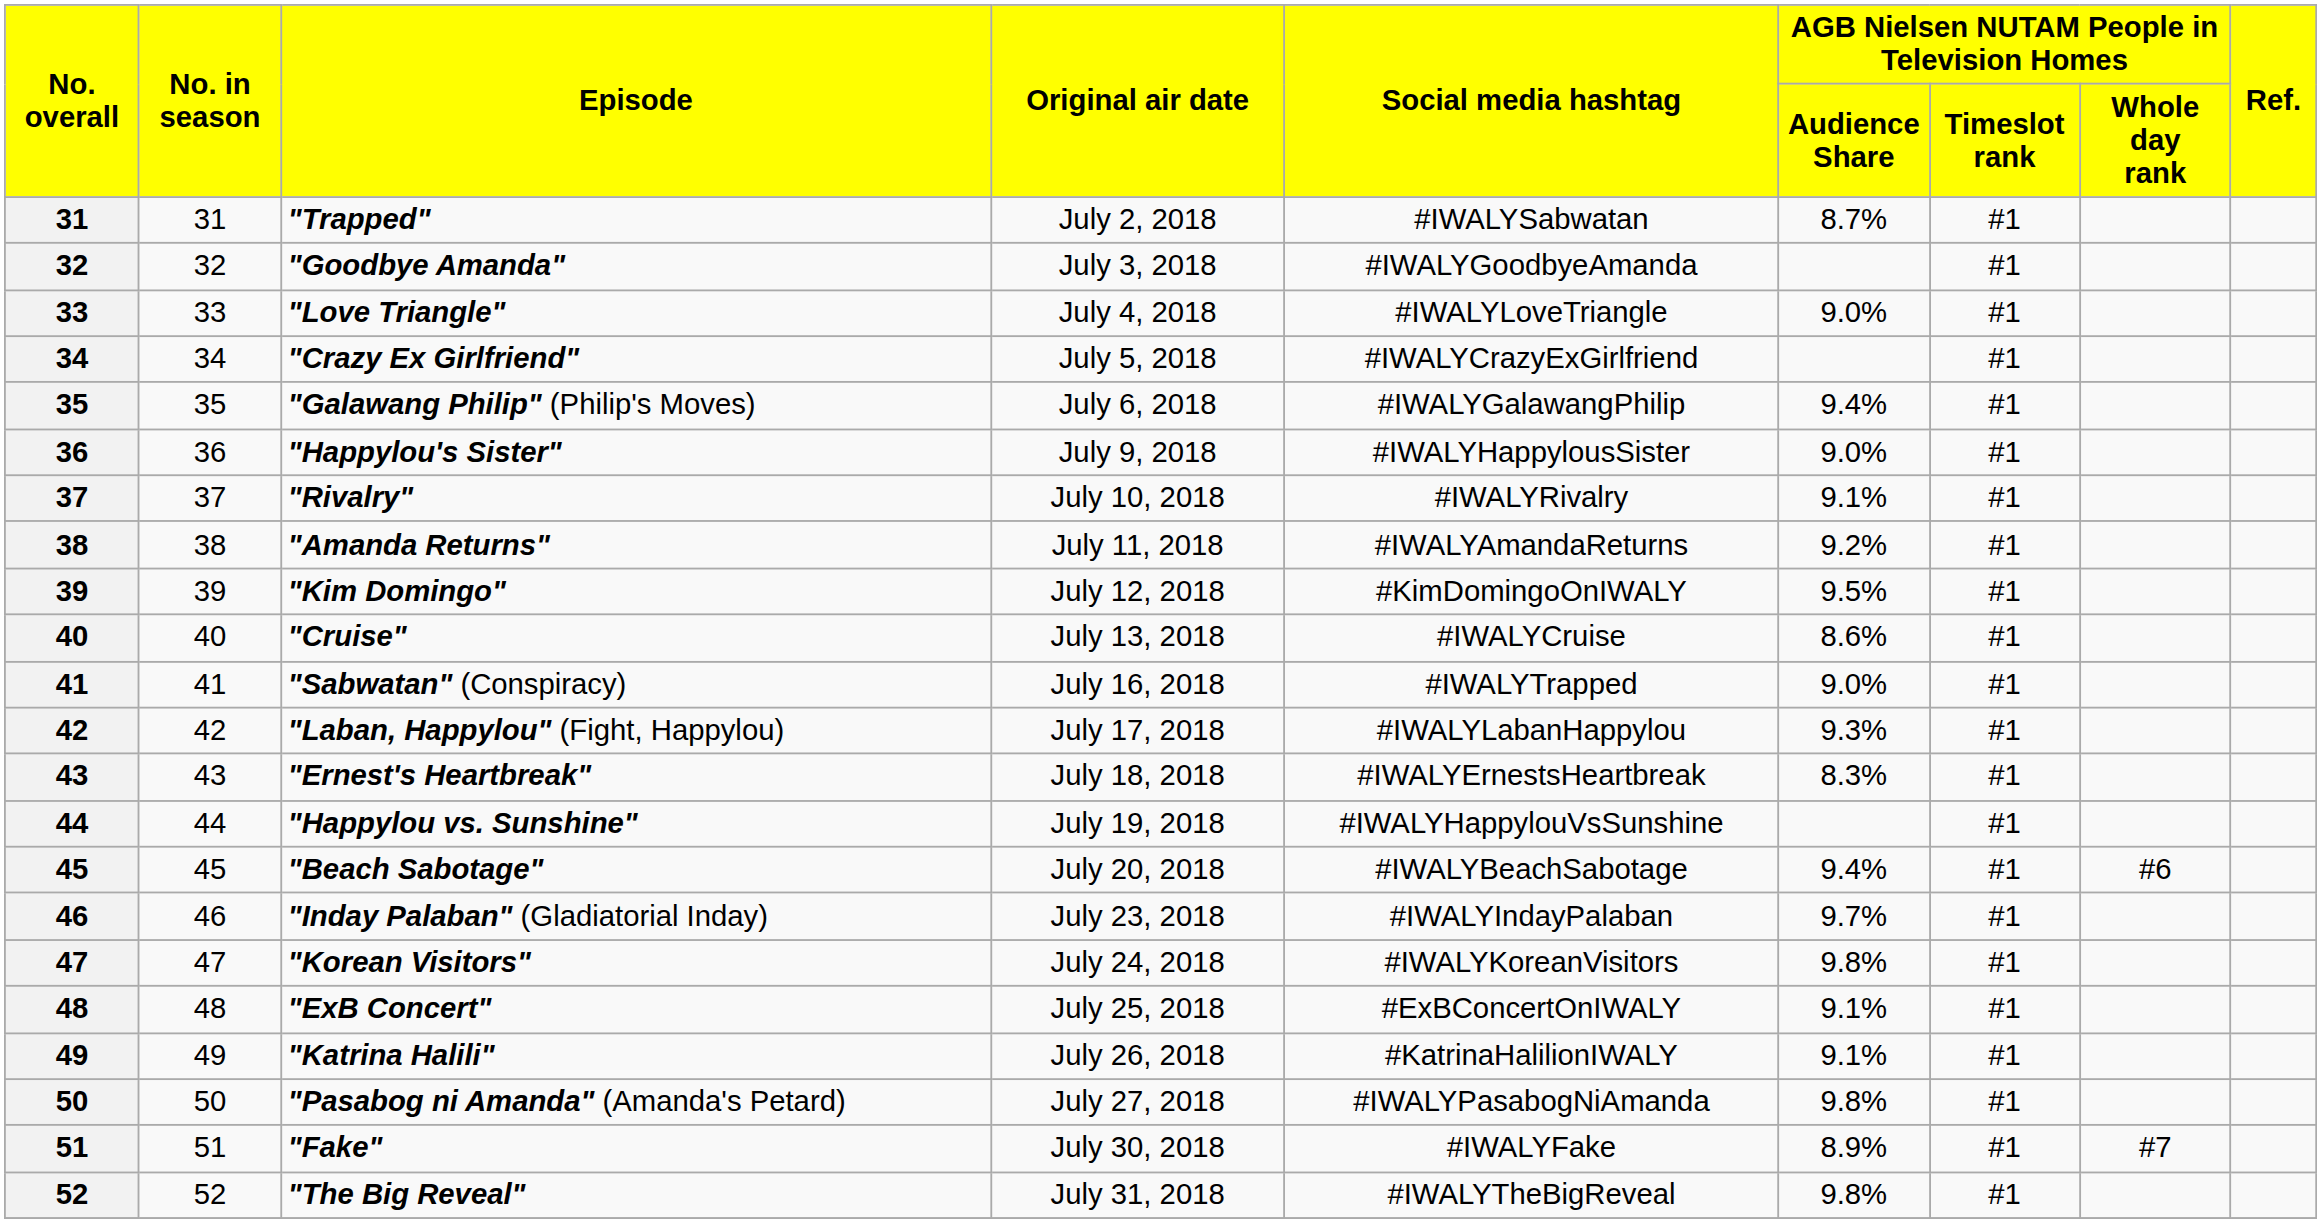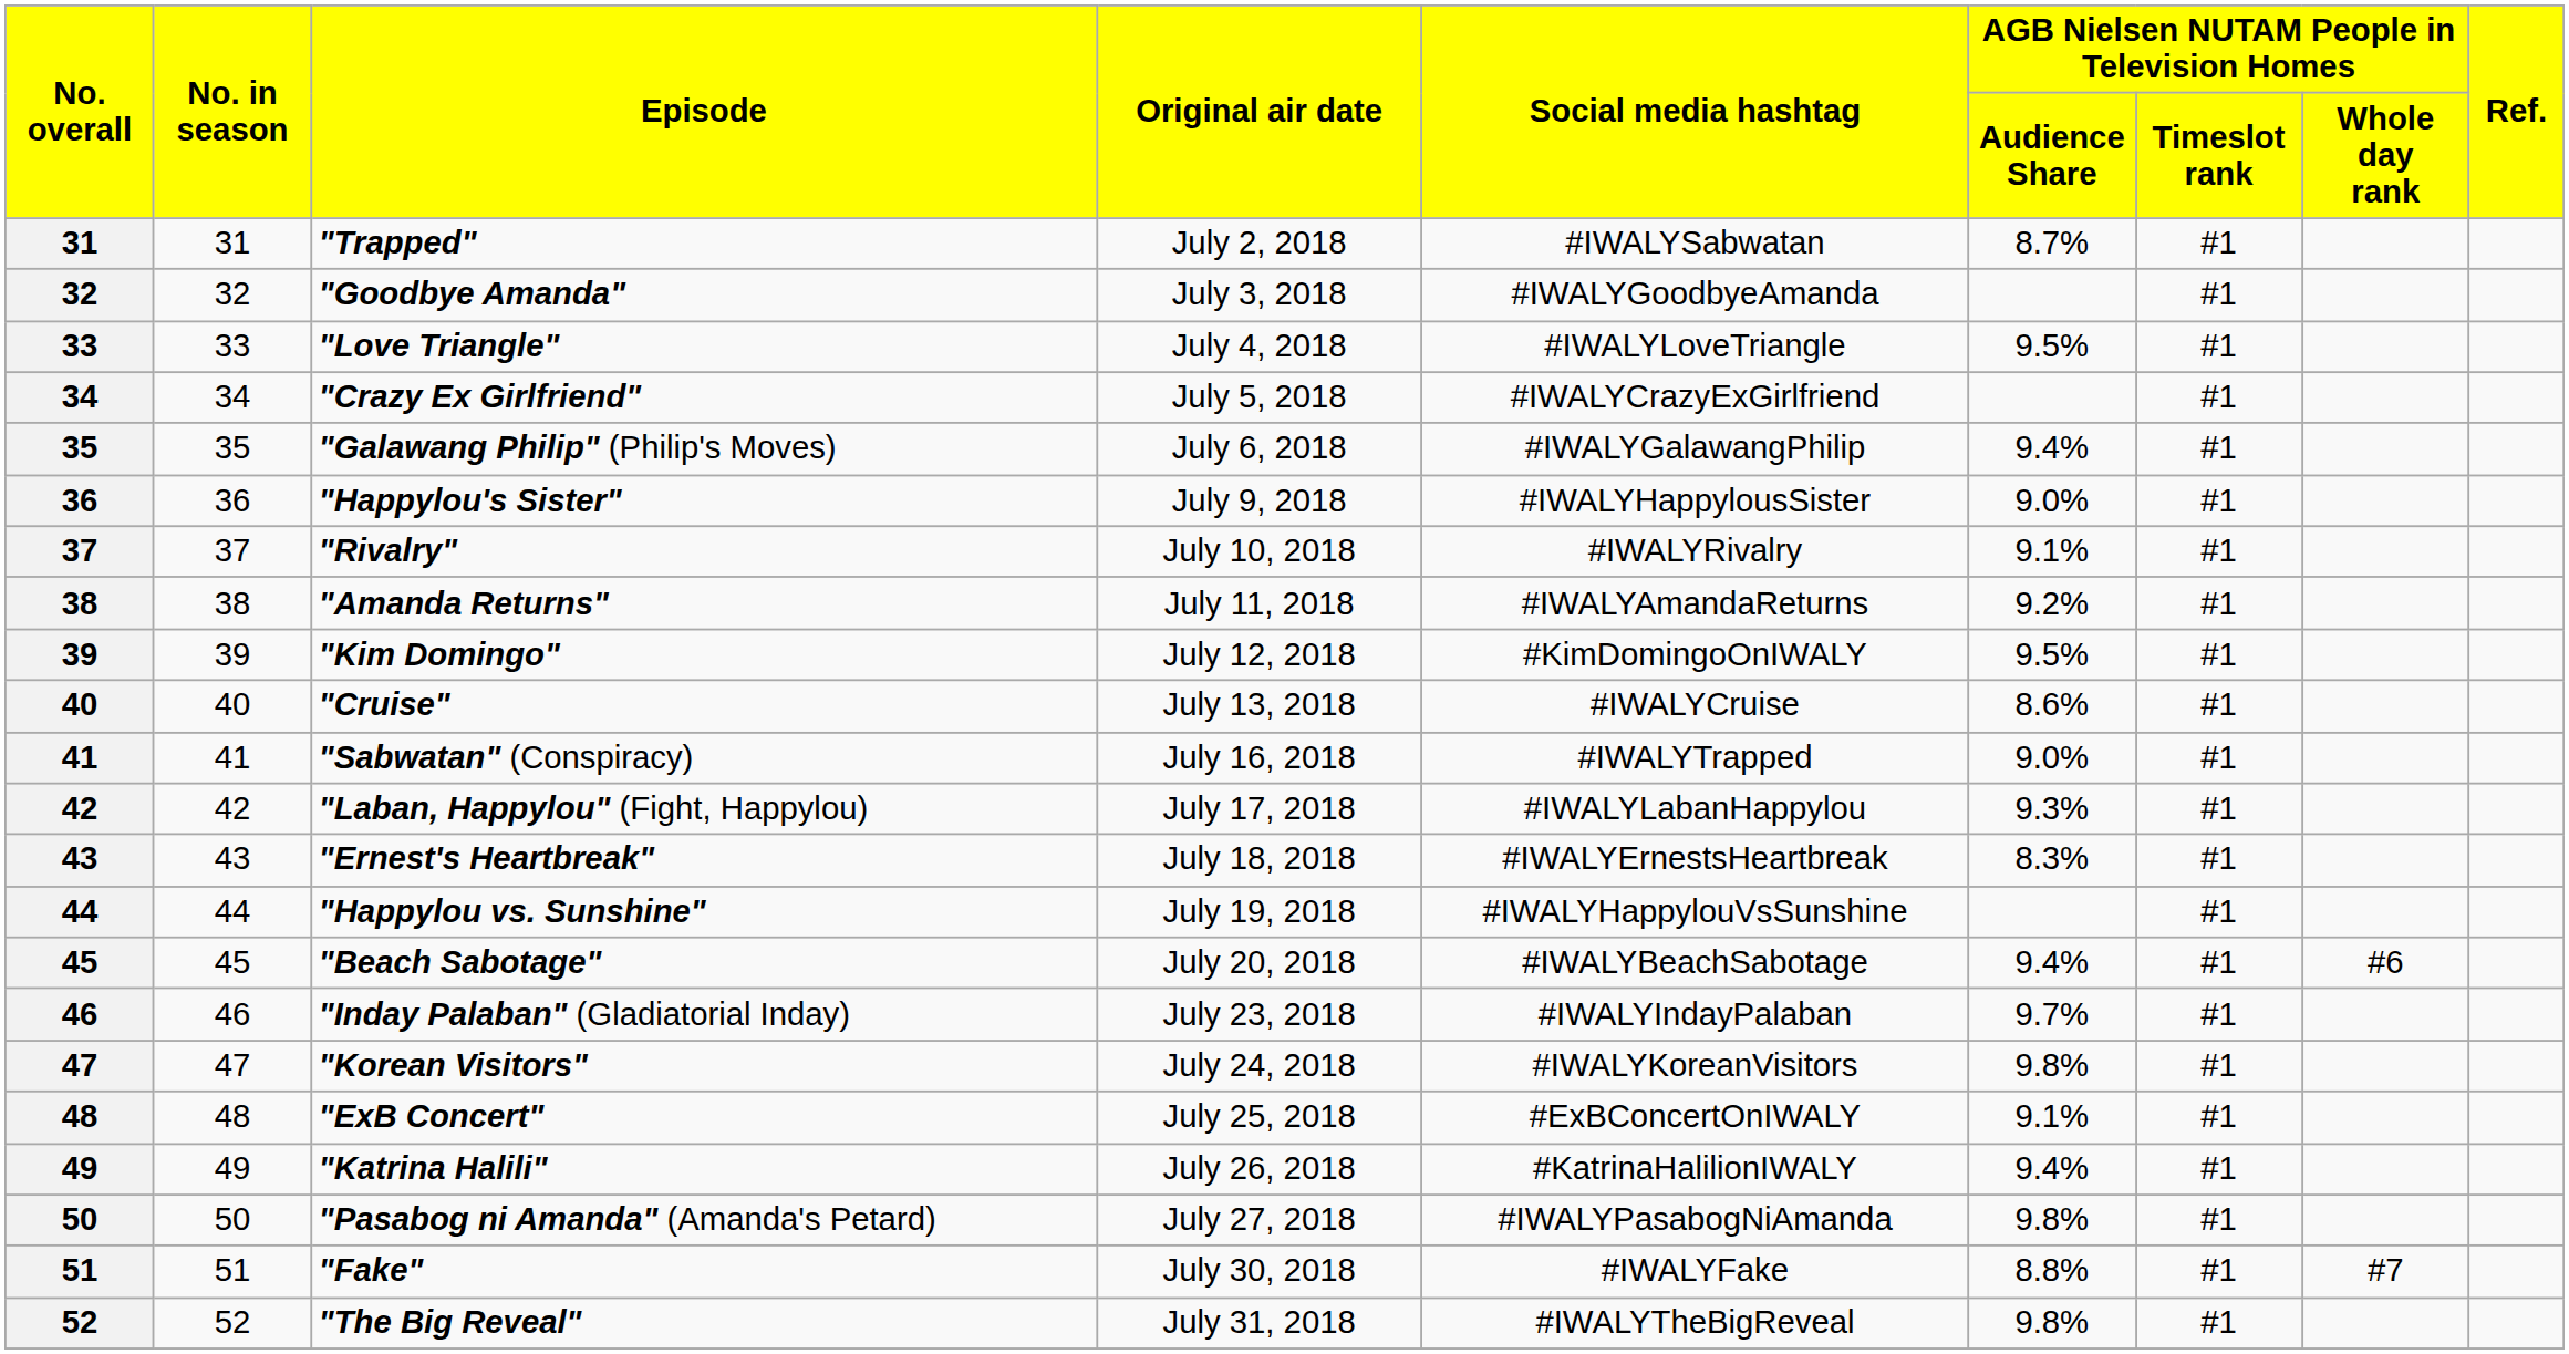 <table class="wikitable" style="text-align:center; font-size:100%; line-height:18px;" width="100%">
 <tr>
 <th style="background-color:#FFFF00; color:black;" rowspan="2">No.<br>overall</th>
 <th style="background-color:#FFFF00; color:black;" rowspan="2">No. in<br>season</th>
 <th style="background-color:#FFFF00; color:black;" rowspan="2">Episode</th>
 <th style="background-color:#FFFF00; color:black" rowspan="2">Original air date</th>
 <th style="background-color:#FFFF00; color:black" rowspan="2">Social media hashtag</th>
 <th style="background-color:#FFFF00; color:black;" colspan="3">AGB Nielsen NUTAM People in Television Homes</th>
 <th style="background-color:#FFFF00; color:black;" rowspan="2">Ref.</th>
 </tr>
 <tr>
 <th style="background-color:#FFFF00; width:75px; color:black;">Audience Share</th>
 <th style="background-color:#FFFF00; width:75px; color:black;">Timeslot<br>rank</th>
 <th style="background-color:#FFFF00; width:75px; color:black;">Whole day<br>rank</th>
 </tr>
 <tr>
 <th>31</th>
 <td>31</td>
 <td style="text-align: left;"><strong><em>"Trapped"</em></strong></td>
 <td>July 2, 2018</td>
 <td>#IWALYSabwatan</td>
 <td>8.7%</td>
 <td>#1</td>
 <td></td>
 <td></td>
 </tr>
 <tr>
 <th>32</th>
 <td>32</td>
 <td style="text-align: left;"><strong><em>"Goodbye Amanda"</em></strong></td>
 <td>July 3, 2018</td>
 <td>#IWALYGoodbyeAmanda</td>
 <td></td>
 <td>#1</td>
 <td></td>
 <td></td>
 </tr>
 <tr>
 <th>33</th>
 <td>33</td>
 <td style="text-align: left;"><strong><em>"Love Triangle"</em></strong></td>
 <td>July 4, 2018</td>
 <td>#IWALYLoveTriangle</td>
-<td>9.0%</td>
+<td>9.5%</td>
 <td>#1</td>
 <td></td>
 <td></td>
 </tr>
 <tr>
 <th>34</th>
 <td>34</td>
 <td style="text-align: left;"><strong><em>"Crazy Ex Girlfriend"</em></strong></td>
 <td>July 5, 2018</td>
 <td>#IWALYCrazyExGirlfriend</td>
 <td></td>
 <td>#1</td>
 <td></td>
 <td></td>
 </tr>
 <tr>
 <th>35</th>
 <td>35</td>
 <td style="text-align: left;"><strong><em>"Galawang Philip"</em></strong> (Philip's Moves)</td>
 <td>July 6, 2018</td>
 <td>#IWALYGalawangPhilip</td>
 <td>9.4%</td>
 <td>#1</td>
 <td></td>
 <td></td>
 </tr>
 <tr>
 <th>36</th>
 <td>36</td>
 <td style="text-align: left;"><strong><em>"Happylou's Sister"</em></strong></td>
 <td>July 9, 2018</td>
 <td>#IWALYHappylousSister</td>
 <td>9.0%</td>
 <td>#1</td>
 <td></td>
 <td></td>
 </tr>
 <tr>
 <th>37</th>
 <td>37</td>
 <td style="text-align: left;"><strong><em>"Rivalry"</em></strong></td>
 <td>July 10, 2018</td>
 <td>#IWALYRivalry</td>
 <td>9.1%</td>
 <td>#1</td>
 <td></td>
 <td></td>
 </tr>
 <tr>
 <th>38</th>
 <td>38</td>
 <td style="text-align: left;"><strong><em>"Amanda Returns"</em></strong></td>
 <td>July 11, 2018</td>
 <td>#IWALYAmandaReturns</td>
 <td>9.2%</td>
 <td>#1</td>
 <td></td>
 <td></td>
 </tr>
 <tr>
 <th>39</th>
 <td>39</td>
 <td style="text-align: left;"><strong><em>"Kim Domingo"</em></strong></td>
 <td>July 12, 2018</td>
 <td>#KimDomingoOnIWALY</td>
 <td>9.5%</td>
 <td>#1</td>
 <td></td>
 <td></td>
 </tr>
 <tr>
 <th>40</th>
 <td>40</td>
 <td style="text-align: left;"><strong><em>"Cruise"</em></strong></td>
 <td>July 13, 2018</td>
 <td>#IWALYCruise</td>
 <td>8.6%</td>
 <td>#1</td>
 <td></td>
 <td></td>
 </tr>
 <tr>
 <th>41</th>
 <td>41</td>
 <td style="text-align: left;"><strong><em>"Sabwatan"</em></strong> (Conspiracy)</td>
 <td>July 16, 2018</td>
 <td>#IWALYTrapped</td>
 <td>9.0%</td>
 <td>#1</td>
 <td></td>
 <td></td>
 </tr>
 <tr>
 <th>42</th>
 <td>42</td>
 <td style="text-align: left;"><strong><em>"Laban, Happylou"</em></strong> (Fight, Happylou)</td>
 <td>July 17, 2018</td>
 <td>#IWALYLabanHappylou</td>
 <td>9.3%</td>
 <td>#1</td>
 <td></td>
 <td></td>
 </tr>
 <tr>
 <th>43</th>
 <td>43</td>
 <td style="text-align: left;"><strong><em>"Ernest's Heartbreak"</em></strong></td>
 <td>July 18, 2018</td>
 <td>#IWALYErnestsHeartbreak</td>
 <td>8.3%</td>
 <td>#1</td>
 <td></td>
 <td></td>
 </tr>
 <tr>
 <th>44</th>
 <td>44</td>
 <td style="text-align: left;"><strong><em>"Happylou vs. Sunshine"</em></strong></td>
 <td>July 19, 2018</td>
 <td>#IWALYHappylouVsSunshine</td>
 <td></td>
 <td>#1</td>
 <td></td>
 <td></td>
 </tr>
 <tr>
 <th>45</th>
 <td>45</td>
 <td style="text-align: left;"><strong><em>"Beach Sabotage"</em></strong></td>
 <td>July 20, 2018</td>
 <td>#IWALYBeachSabotage</td>
 <td>9.4%</td>
 <td>#1</td>
 <td>#6</td>
 <td></td>
 </tr>
 <tr>
 <th>46</th>
 <td>46</td>
 <td style="text-align: left;"><strong><em>"Inday Palaban"</em></strong> (Gladiatorial Inday)</td>
 <td>July 23, 2018</td>
 <td>#IWALYIndayPalaban</td>
 <td>9.7%</td>
 <td>#1</td>
 <td></td>
 <td></td>
 </tr>
 <tr>
 <th>47</th>
 <td>47</td>
 <td style="text-align: left;"><strong><em>"Korean Visitors"</em></strong></td>
 <td>July 24, 2018</td>
 <td>#IWALYKoreanVisitors</td>
 <td>9.8%</td>
 <td>#1</td>
 <td></td>
 <td></td>
 </tr>
 <tr>
 <th>48</th>
 <td>48</td>
 <td style="text-align: left;"><strong><em>"ExB Concert"</em></strong></td>
 <td>July 25, 2018</td>
 <td>#ExBConcertOnIWALY</td>
 <td>9.1%</td>
 <td>#1</td>
 <td></td>
 <td></td>
 </tr>
 <tr>
 <th>49</th>
 <td>49</td>
 <td style="text-align: left;"><strong><em>"Katrina Halili"</em></strong></td>
 <td>July 26, 2018</td>
 <td>#KatrinaHalilionIWALY</td>
-<td>9.1%</td>
+<td>9.4%</td>
 <td>#1</td>
 <td></td>
 <td></td>
 </tr>
 <tr>
 <th>50</th>
 <td>50</td>
 <td style="text-align: left;"><strong><em>"Pasabog ni Amanda"</em></strong> (Amanda's Petard)</td>
 <td>July 27, 2018</td>
 <td>#IWALYPasabogNiAmanda</td>
 <td>9.8%</td>
 <td>#1</td>
 <td></td>
 <td></td>
 </tr>
 <tr>
 <th>51</th>
 <td>51</td>
 <td style="text-align: left;"><strong><em>"Fake"</em></strong></td>
 <td>July 30, 2018</td>
 <td>#IWALYFake</td>
-<td>8.9%</td>
+<td>8.8%</td>
 <td>#1</td>
 <td>#7</td>
 <td></td>
 </tr>
 <tr>
 <th>52</th>
 <td>52</td>
 <td style="text-align: left;"><strong><em>"The Big Reveal"</em></strong></td>
 <td>July 31, 2018</td>
 <td>#IWALYTheBigReveal</td>
 <td>9.8%</td>
 <td>#1</td>
 <td></td>
 <td></td>
 </tr>
 <tr>
 </tr>
 </table>
